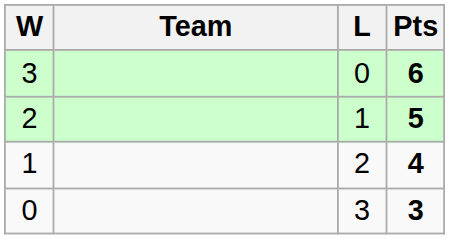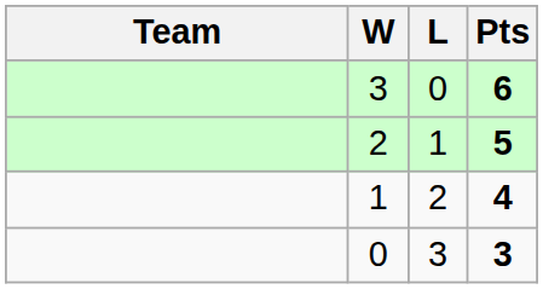 <table class="wikitable" style="text-align:center;">
 <tr>
+<th width=150>Team</th>
 <th width=20>W</th>
-<th width=150>Team</th>
 <th width=20>L</th>
 <th width=20>Pts</th>
 </tr>
 <tr bgcolor="#ccffcc">
+<td align="left"></td>
 <td>3</td>
-<td align="left"></td>
 <td>0</td>
 <td><strong>6</strong></td>
 </tr>
 <tr bgcolor="#ccffcc">
+<td align="left"></td>
 <td>2</td>
-<td align="left"></td>
 <td>1</td>
 <td><strong>5</strong></td>
 </tr>
 <tr>
+<td align="left"></td>
 <td>1</td>
-<td align="left"></td>
 <td>2</td>
 <td><strong>4</strong></td>
 </tr>
 <tr>
+<td align="left"></td>
 <td>0</td>
-<td align="left"></td>
 <td>3</td>
 <td><strong>3</strong></td>
 </tr>
 </table>
